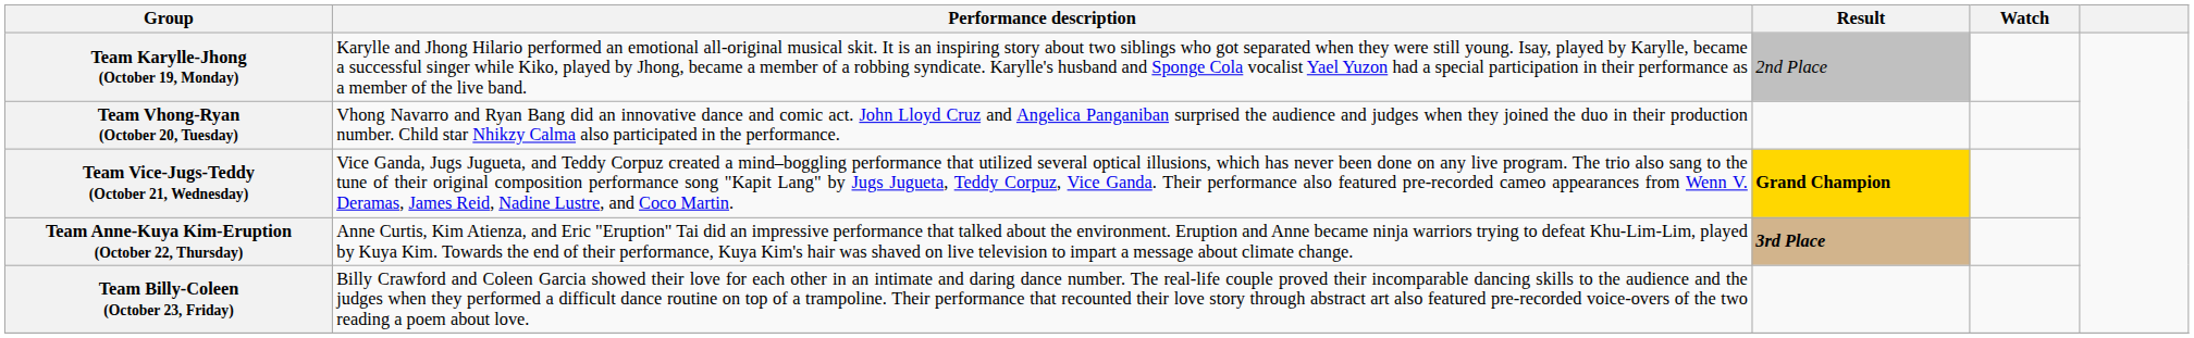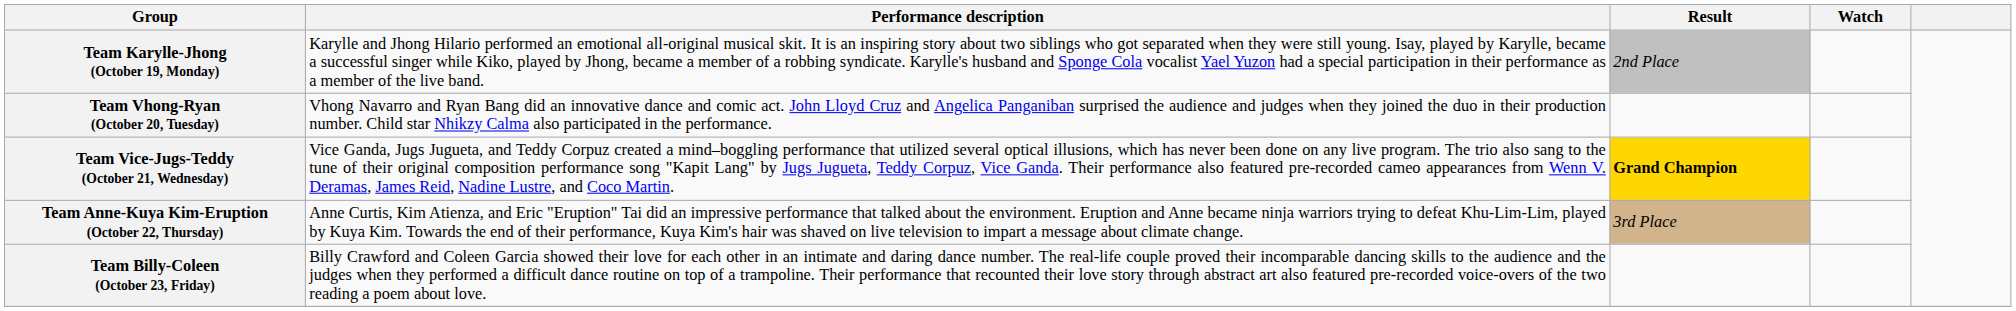 <table class="wikitable style="text-align:center; font-size:90%; line-height:18px; width:100%">
 <tr>
 <th width="15%">Group</th>
 <th width="65%">Performance description</th>
 <th width="10%">Result</th>
 <th width="5%">Watch</th>
 <th width="5%"></th>
 </tr>
 <tr>
 <th>Team Karylle-Jhong<br><small>(October 19, Monday)</small></th>
 <td align="justify">Karylle and Jhong Hilario performed an emotional all-original musical skit. It is an inspiring story about two siblings who got separated when they were still young. Isay, played by Karylle, became a successful singer while Kiko, played by Jhong, became a member of a robbing syndicate. Karylle's husband and <a href='#'>Sponge Cola</a> vocalist <a href='#'>Yael Yuzon</a> had a special participation in their performance as a member of the live band.</td>
 <td style="background:silver"><em>2nd Place</em></td>
 <td><br></td>
 <td rowspan="5" style="text-align:center;"></td>
 </tr>
 <tr>
 <th>Team Vhong-Ryan<br><small>(October 20, Tuesday)</small></th>
 <td align="justify">Vhong Navarro and Ryan Bang did an innovative dance and comic act. <a href='#'>John Lloyd Cruz</a> and <a href='#'>Angelica Panganiban</a> surprised the audience and judges when they joined the duo in their production number. Child star <a href='#'>Nhikzy Calma</a> also participated in the performance.</td>
 <td></td>
 <td></td>
 </tr>
 <tr>
 <th>Team Vice-Jugs-Teddy<br><small>(October 21, Wednesday)</small></th>
 <td align="justify">Vice Ganda, Jugs Jugueta, and Teddy Corpuz created a mind–boggling performance that utilized several optical illusions, which has never been done on any live program. The trio also sang to the tune of their original composition performance song "Kapit Lang" by <a href='#'>Jugs Jugueta</a>, <a href='#'>Teddy Corpuz</a>, <a href='#'>Vice Ganda</a>. Their performance also featured pre-recorded cameo appearances from <a href='#'>Wenn V. Deramas</a>, <a href='#'>James Reid</a>, <a href='#'>Nadine Lustre</a>, and <a href='#'>Coco Martin</a>.</td>
 <td style="background:gold"><strong>Grand Champion</strong></td>
 <td></td>
 </tr>
 <tr>
 <th>Team Anne-Kuya Kim-Eruption<br><small>(October 22, Thursday)</small></th>
 <td align="justify">Anne Curtis, Kim Atienza, and Eric "Eruption" Tai did an impressive performance that talked about the environment. Eruption and Anne became ninja warriors trying to defeat Khu-Lim-Lim, played by Kuya Kim. Towards the end of their performance, Kuya Kim's hair was shaved on live television to impart a message about climate change.</td>
-<td style="background:tan"><strong><em>3rd Place</em></strong></td>
+<td style="background:tan"><em>3rd Place</em></td>
 <td></td>
 </tr>
 <tr>
 <th>Team Billy-Coleen<br><small>(October 23, Friday)</small></th>
 <td align="justify">Billy Crawford and Coleen Garcia showed their love for each other in an intimate and daring dance number. The real-life couple proved their incomparable dancing skills to the audience and the judges when they performed a difficult dance routine on top of a trampoline. Their performance that recounted their love story through abstract art also featured pre-recorded voice-overs of the two reading a poem about love.</td>
 <td></td>
 <td></td>
 </tr>
 <tr>
 </tr>
 </table>
